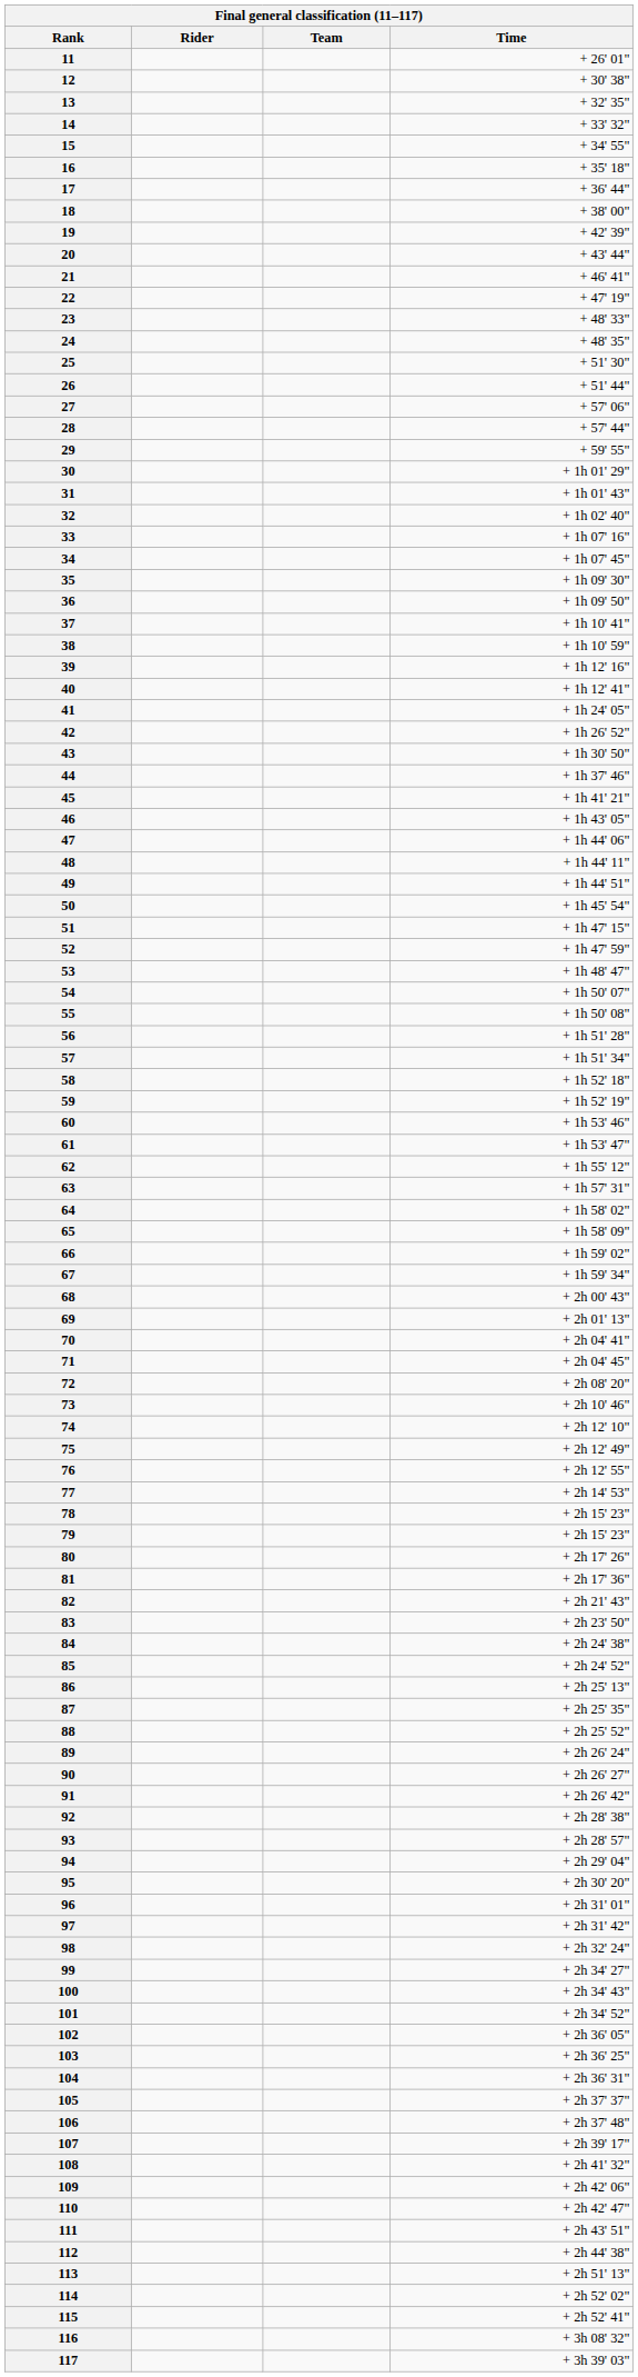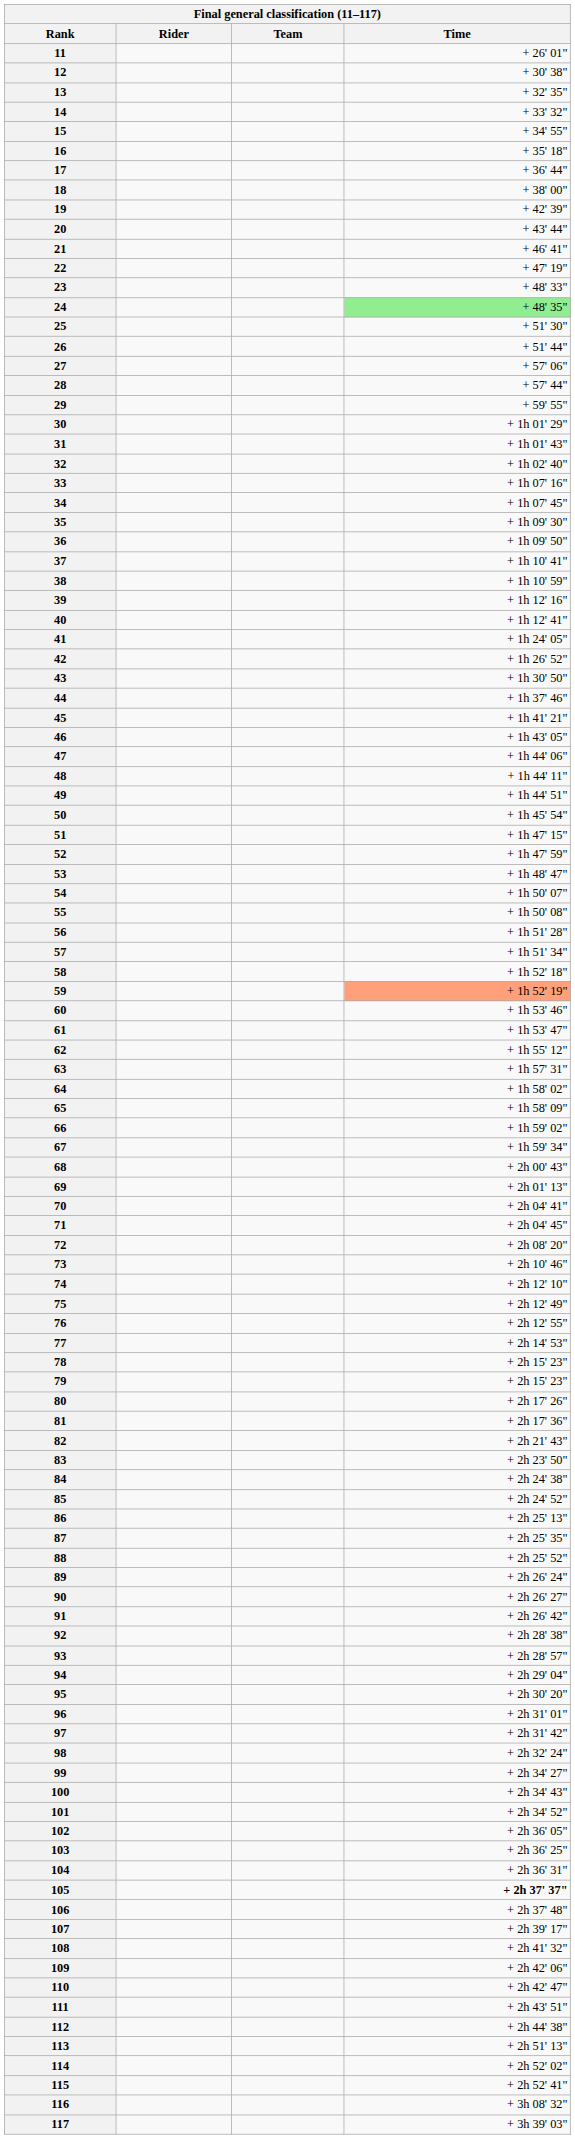 <table class="collapsible collapsed wikitable" style="width:46em;margin-top:-1px;">
 <tr>
 <th scope="col" colspan="4">Final general classification (11–117)</th>
 </tr>
 <tr>
 <th scope="col">Rank</th>
 <th scope="col">Rider</th>
 <th scope="col">Team</th>
 <th scope="col">Time</th>
 </tr>
 <tr |->
 <th scope="row">11</th>
 <td></td>
 <td></td>
 <td style="text-align:right;">+ 26' 01"</td>
 </tr>
 <tr>
 <th scope="row">12</th>
 <td></td>
 <td></td>
 <td style="text-align:right;">+ 30' 38"</td>
 </tr>
 <tr>
 <th scope="row">13</th>
 <td></td>
 <td></td>
 <td style="text-align:right;">+ 32' 35"</td>
 </tr>
 <tr>
 <th scope="row">14</th>
 <td></td>
 <td></td>
 <td style="text-align:right;">+ 33' 32"</td>
 </tr>
 <tr>
 <th scope="row">15</th>
 <td></td>
 <td></td>
 <td style="text-align:right;">+ 34' 55"</td>
 </tr>
 <tr>
 <th scope="row">16</th>
 <td></td>
 <td></td>
 <td style="text-align:right;">+ 35' 18"</td>
 </tr>
 <tr>
 <th scope="row">17</th>
 <td></td>
 <td></td>
 <td style="text-align:right;">+ 36' 44"</td>
 </tr>
 <tr>
 <th scope="row">18</th>
 <td></td>
 <td></td>
 <td style="text-align:right;">+ 38' 00"</td>
 </tr>
 <tr>
 <th scope="row">19</th>
 <td></td>
 <td></td>
 <td style="text-align:right;">+ 42' 39"</td>
 </tr>
 <tr>
 <th scope="row">20</th>
 <td></td>
 <td></td>
 <td style="text-align:right;">+ 43' 44"</td>
 </tr>
 <tr>
 <th scope="row">21</th>
 <td></td>
 <td></td>
 <td style="text-align:right;">+ 46' 41"</td>
 </tr>
 <tr>
 <th scope="row">22</th>
 <td></td>
 <td></td>
 <td style="text-align:right;">+ 47' 19"</td>
 </tr>
 <tr>
 <th scope="row">23</th>
 <td></td>
 <td></td>
 <td style="text-align:right;">+ 48' 33"</td>
 </tr>
 <tr>
 <th scope="row">24</th>
 <td></td>
 <td></td>
-<td style="text-align:right;">+ 48' 35"</td>
+<td style="background: lightgreen; text-align:right;">+ 48' 35"</td>
 </tr>
 <tr>
 <th scope="row">25</th>
 <td></td>
 <td></td>
 <td style="text-align:right;">+ 51' 30"</td>
 </tr>
 <tr>
 <th scope="row">26</th>
 <td></td>
 <td></td>
 <td style="text-align:right;">+ 51' 44"</td>
 </tr>
 <tr>
 <th scope="row">27</th>
 <td></td>
 <td></td>
 <td style="text-align:right;">+ 57' 06"</td>
 </tr>
 <tr>
 <th scope="row">28</th>
 <td></td>
 <td></td>
 <td style="text-align:right;">+ 57' 44"</td>
 </tr>
 <tr>
 <th scope="row">29</th>
 <td></td>
 <td></td>
 <td style="text-align:right;">+ 59' 55"</td>
 </tr>
 <tr>
 <th scope="row">30</th>
 <td></td>
 <td></td>
 <td style="text-align:right;">+ 1h 01' 29"</td>
 </tr>
 <tr>
 <th scope="row">31</th>
 <td></td>
 <td></td>
 <td style="text-align:right;">+ 1h 01' 43"</td>
 </tr>
 <tr>
 <th scope="row">32</th>
 <td></td>
 <td></td>
 <td style="text-align:right;">+ 1h 02' 40"</td>
 </tr>
 <tr>
 <th scope="row">33</th>
 <td></td>
 <td></td>
 <td style="text-align:right;">+ 1h 07' 16"</td>
 </tr>
 <tr>
 <th scope="row">34</th>
 <td></td>
 <td></td>
 <td style="text-align:right;">+ 1h 07' 45"</td>
 </tr>
 <tr>
 <th scope="row">35</th>
 <td></td>
 <td></td>
 <td style="text-align:right;">+ 1h 09' 30"</td>
 </tr>
 <tr>
 <th scope="row">36</th>
 <td></td>
 <td></td>
 <td style="text-align:right;">+ 1h 09' 50"</td>
 </tr>
 <tr>
 <th scope="row">37</th>
 <td></td>
 <td></td>
 <td style="text-align:right;">+ 1h 10' 41"</td>
 </tr>
 <tr>
 <th scope="row">38</th>
 <td></td>
 <td></td>
 <td style="text-align:right;">+ 1h 10' 59"</td>
 </tr>
 <tr>
 <th scope="row">39</th>
 <td></td>
 <td></td>
 <td style="text-align:right;">+ 1h 12' 16"</td>
 </tr>
 <tr>
 <th scope="row">40</th>
 <td></td>
 <td></td>
 <td style="text-align:right;">+ 1h 12' 41"</td>
 </tr>
 <tr>
 <th scope="row">41</th>
 <td></td>
 <td></td>
 <td style="text-align:right;">+ 1h 24' 05"</td>
 </tr>
 <tr>
 <th scope="row">42</th>
 <td></td>
 <td></td>
 <td style="text-align:right;">+ 1h 26' 52"</td>
 </tr>
 <tr>
 <th scope="row">43</th>
 <td></td>
 <td></td>
 <td style="text-align:right;">+ 1h 30' 50"</td>
 </tr>
 <tr>
 <th scope="row">44</th>
 <td></td>
 <td></td>
 <td style="text-align:right;">+ 1h 37' 46"</td>
 </tr>
 <tr>
 <th scope="row">45</th>
 <td></td>
 <td></td>
 <td style="text-align:right;">+ 1h 41' 21"</td>
 </tr>
 <tr>
 <th scope="row">46</th>
 <td></td>
 <td></td>
 <td style="text-align:right;">+ 1h 43' 05"</td>
 </tr>
 <tr>
 <th scope="row">47</th>
 <td></td>
 <td></td>
 <td style="text-align:right;">+ 1h 44' 06"</td>
 </tr>
 <tr>
 <th scope="row">48</th>
 <td></td>
 <td></td>
 <td style="text-align:right;">+ 1h 44' 11"</td>
 </tr>
 <tr>
 <th scope="row">49</th>
 <td></td>
 <td></td>
 <td style="text-align:right;">+ 1h 44' 51"</td>
 </tr>
 <tr>
 <th scope="row">50</th>
 <td></td>
 <td></td>
 <td style="text-align:right;">+ 1h 45' 54"</td>
 </tr>
 <tr>
 <th scope="row">51</th>
 <td></td>
 <td></td>
 <td style="text-align:right;">+ 1h 47' 15"</td>
 </tr>
 <tr>
 <th scope="row">52</th>
 <td></td>
 <td></td>
 <td style="text-align:right;">+ 1h 47' 59"</td>
 </tr>
 <tr>
 <th scope="row">53</th>
 <td></td>
 <td></td>
 <td style="text-align:right;">+ 1h 48' 47"</td>
 </tr>
 <tr>
 <th scope="row">54</th>
 <td></td>
 <td></td>
 <td style="text-align:right;">+ 1h 50' 07"</td>
 </tr>
 <tr>
 <th scope="row">55</th>
 <td></td>
 <td></td>
 <td style="text-align:right;">+ 1h 50' 08"</td>
 </tr>
 <tr>
 <th scope="row">56</th>
 <td></td>
 <td></td>
 <td style="text-align:right;">+ 1h 51' 28"</td>
 </tr>
 <tr>
 <th scope="row">57</th>
 <td> </td>
 <td></td>
 <td style="text-align:right;">+ 1h 51' 34"</td>
 </tr>
 <tr>
 <th scope="row">58</th>
 <td></td>
 <td></td>
 <td style="text-align:right;">+ 1h 52' 18"</td>
 </tr>
 <tr>
 <th scope="row">59</th>
 <td></td>
 <td></td>
-<td style="text-align:right;">+ 1h 52' 19"</td>
+<td style="background: lightsalmon; text-align:right;">+ 1h 52' 19"</td>
 </tr>
 <tr>
 <th scope="row">60</th>
 <td></td>
 <td></td>
 <td style="text-align:right;">+ 1h 53' 46"</td>
 </tr>
 <tr>
 <th scope="row">61</th>
 <td></td>
 <td></td>
 <td style="text-align:right;">+ 1h 53' 47"</td>
 </tr>
 <tr>
 <th scope="row">62</th>
 <td></td>
 <td></td>
 <td style="text-align:right;">+ 1h 55' 12"</td>
 </tr>
 <tr>
 <th scope="row">63</th>
 <td></td>
 <td></td>
 <td style="text-align:right;">+ 1h 57' 31"</td>
 </tr>
 <tr>
 <th scope="row">64</th>
 <td></td>
 <td></td>
 <td style="text-align:right;">+ 1h 58' 02"</td>
 </tr>
 <tr>
 <th scope="row">65</th>
 <td></td>
 <td></td>
 <td style="text-align:right;">+ 1h 58' 09"</td>
 </tr>
 <tr>
 <th scope="row">66</th>
 <td></td>
 <td></td>
 <td style="text-align:right;">+ 1h 59' 02"</td>
 </tr>
 <tr>
 <th scope="row">67</th>
 <td></td>
 <td></td>
 <td style="text-align:right;">+ 1h 59' 34"</td>
 </tr>
 <tr>
 <th scope="row">68</th>
 <td></td>
 <td></td>
 <td style="text-align:right;">+ 2h 00' 43"</td>
 </tr>
 <tr>
 <th scope="row">69</th>
 <td></td>
 <td></td>
 <td style="text-align:right;">+ 2h 01' 13"</td>
 </tr>
 <tr>
 <th scope="row">70</th>
 <td></td>
 <td></td>
 <td style="text-align:right;">+ 2h 04' 41"</td>
 </tr>
 <tr>
 <th scope="row">71</th>
 <td></td>
 <td></td>
 <td style="text-align:right;">+ 2h 04' 45"</td>
 </tr>
 <tr>
 <th scope="row">72</th>
 <td></td>
 <td></td>
 <td style="text-align:right;">+ 2h 08' 20"</td>
 </tr>
 <tr>
 <th scope="row">73</th>
 <td></td>
 <td></td>
 <td style="text-align:right;">+ 2h 10' 46"</td>
 </tr>
 <tr>
 <th scope="row">74</th>
 <td></td>
 <td></td>
 <td style="text-align:right;">+ 2h 12' 10"</td>
 </tr>
 <tr>
 <th scope="row">75</th>
 <td></td>
 <td></td>
 <td style="text-align:right;">+ 2h 12' 49"</td>
 </tr>
 <tr>
 <th scope="row">76</th>
 <td></td>
 <td></td>
 <td style="text-align:right;">+ 2h 12' 55"</td>
 </tr>
 <tr>
 <th scope="row">77</th>
 <td></td>
 <td></td>
 <td style="text-align:right;">+ 2h 14' 53"</td>
 </tr>
 <tr>
 <th scope="row">78</th>
 <td></td>
 <td></td>
 <td style="text-align:right;">+ 2h 15' 23"</td>
 </tr>
 <tr>
 <th scope="row">79</th>
 <td></td>
 <td></td>
 <td style="text-align:right;">+ 2h 15' 23"</td>
 </tr>
 <tr>
 <th scope="row">80</th>
 <td></td>
 <td></td>
 <td style="text-align:right;">+ 2h 17' 26"</td>
 </tr>
 <tr>
 <th scope="row">81</th>
 <td></td>
 <td></td>
 <td style="text-align:right;">+ 2h 17' 36"</td>
 </tr>
 <tr>
 <th scope="row">82</th>
 <td></td>
 <td></td>
 <td style="text-align:right;">+ 2h 21' 43"</td>
 </tr>
 <tr>
 <th scope="row">83</th>
 <td></td>
 <td></td>
 <td style="text-align:right;">+ 2h 23' 50"</td>
 </tr>
 <tr>
 <th scope="row">84</th>
 <td></td>
 <td></td>
 <td style="text-align:right;">+ 2h 24' 38"</td>
 </tr>
 <tr>
 <th scope="row">85</th>
 <td></td>
 <td></td>
 <td style="text-align:right;">+ 2h 24' 52"</td>
 </tr>
 <tr>
 <th scope="row">86</th>
 <td></td>
 <td></td>
 <td style="text-align:right;">+ 2h 25' 13"</td>
 </tr>
 <tr>
 <th scope="row">87</th>
 <td></td>
 <td></td>
 <td style="text-align:right;">+ 2h 25' 35"</td>
 </tr>
 <tr>
 <th scope="row">88</th>
 <td></td>
 <td></td>
 <td style="text-align:right;">+ 2h 25' 52"</td>
 </tr>
 <tr>
 <th scope="row">89</th>
 <td></td>
 <td></td>
 <td style="text-align:right;">+ 2h 26' 24"</td>
 </tr>
 <tr>
 <th scope="row">90</th>
 <td></td>
 <td></td>
 <td style="text-align:right;">+ 2h 26' 27"</td>
 </tr>
 <tr>
 <th scope="row">91</th>
 <td></td>
 <td></td>
 <td style="text-align:right;">+ 2h 26' 42"</td>
 </tr>
 <tr>
 <th scope="row">92</th>
 <td></td>
 <td></td>
 <td style="text-align:right;">+ 2h 28' 38"</td>
 </tr>
 <tr>
 <th scope="row">93</th>
 <td></td>
 <td></td>
 <td style="text-align:right;">+ 2h 28' 57"</td>
 </tr>
 <tr>
 <th scope="row">94</th>
 <td></td>
 <td></td>
 <td style="text-align:right;">+ 2h 29' 04"</td>
 </tr>
 <tr>
 <th scope="row">95</th>
 <td></td>
 <td></td>
 <td style="text-align:right;">+ 2h 30' 20"</td>
 </tr>
 <tr>
 <th scope="row">96</th>
 <td></td>
 <td></td>
 <td style="text-align:right;">+ 2h 31' 01"</td>
 </tr>
 <tr>
 <th scope="row">97</th>
 <td></td>
 <td></td>
 <td style="text-align:right;">+ 2h 31' 42"</td>
 </tr>
 <tr>
 <th scope="row">98</th>
 <td></td>
 <td></td>
 <td style="text-align:right;">+ 2h 32' 24"</td>
 </tr>
 <tr>
 <th scope="row">99</th>
 <td></td>
 <td></td>
 <td style="text-align:right;">+ 2h 34' 27"</td>
 </tr>
 <tr>
 <th scope="row">100</th>
 <td></td>
 <td></td>
 <td style="text-align:right;">+ 2h 34' 43"</td>
 </tr>
 <tr>
 <th scope="row">101</th>
 <td></td>
 <td></td>
 <td style="text-align:right;">+ 2h 34' 52"</td>
 </tr>
 <tr>
 <th scope="row">102</th>
 <td></td>
 <td></td>
 <td style="text-align:right;">+ 2h 36' 05"</td>
 </tr>
 <tr>
 <th scope="row">103</th>
 <td></td>
 <td></td>
 <td style="text-align:right;">+ 2h 36' 25"</td>
 </tr>
 <tr>
 <th scope="row">104</th>
 <td></td>
 <td></td>
 <td style="text-align:right;">+ 2h 36' 31"</td>
 </tr>
 <tr>
 <th scope="row">105</th>
 <td></td>
 <td></td>
-<td style="text-align:right;">+ 2h 37' 37"</td>
+<td style="text-align:right;"><strong>+ 2h 37' 37"</strong></td>
 </tr>
 <tr>
 <th scope="row">106</th>
 <td></td>
 <td></td>
 <td style="text-align:right;">+ 2h 37' 48"</td>
 </tr>
 <tr>
 <th scope="row">107</th>
 <td></td>
 <td></td>
 <td style="text-align:right;">+ 2h 39' 17"</td>
 </tr>
 <tr>
 <th scope="row">108</th>
 <td></td>
 <td></td>
 <td style="text-align:right;">+ 2h 41' 32"</td>
 </tr>
 <tr>
 <th scope="row">109</th>
 <td></td>
 <td></td>
 <td style="text-align:right;">+ 2h 42' 06"</td>
 </tr>
 <tr>
 <th scope="row">110</th>
 <td></td>
 <td></td>
 <td style="text-align:right;">+ 2h 42' 47"</td>
 </tr>
 <tr>
 <th scope="row">111</th>
 <td></td>
 <td></td>
 <td style="text-align:right;">+ 2h 43' 51"</td>
 </tr>
 <tr>
 <th scope="row">112</th>
 <td></td>
 <td></td>
 <td style="text-align:right;">+ 2h 44' 38"</td>
 </tr>
 <tr>
 <th scope="row">113</th>
 <td></td>
 <td></td>
 <td style="text-align:right;">+ 2h 51' 13"</td>
 </tr>
 <tr>
 <th scope="row">114</th>
 <td></td>
 <td></td>
 <td style="text-align:right;">+ 2h 52' 02"</td>
 </tr>
 <tr>
 <th scope="row">115</th>
 <td></td>
 <td></td>
 <td style="text-align:right;">+ 2h 52' 41"</td>
 </tr>
 <tr>
 <th scope="row">116</th>
 <td></td>
 <td></td>
 <td style="text-align:right;">+ 3h 08' 32"</td>
 </tr>
 <tr>
 <th scope="row">117</th>
 <td></td>
 <td></td>
 <td style="text-align:right;">+ 3h 39' 03"</td>
 </tr>
 </table>
